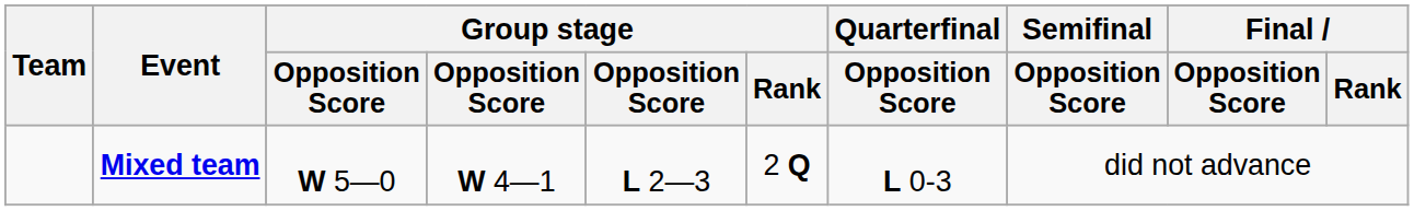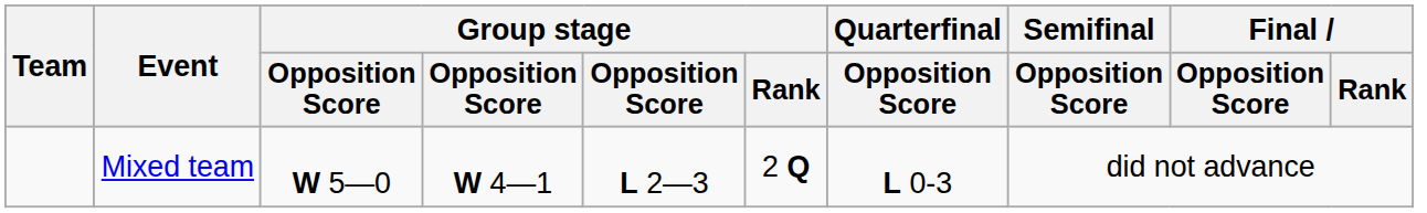 <table class=wikitable style=font-size:90%;text-align:center>
 <tr>
 <th rowspan=2>Team</th>
 <th rowspan=2>Event</th>
 <th colspan=4>Group stage</th>
 <th>Quarterfinal</th>
 <th>Semifinal</th>
 <th colspan=2>Final / </th>
 </tr>
 <tr style=font-size:95%>
 <th>Opposition<br>Score</th>
 <th>Opposition<br>Score</th>
 <th>Opposition<br>Score</th>
 <th>Rank</th>
 <th>Opposition<br>Score</th>
 <th>Opposition<br>Score</th>
 <th>Opposition<br>Score</th>
 <th>Rank</th>
 </tr>
 <tr>
 <td align=left></td>
-<td align=left><strong><a href='#'>Mixed team</a></strong></td>
+<td align=left><a href='#'>Mixed team</a></td>
 <td><br><strong>W</strong> 5―0</td>
 <td><br><strong>W</strong> 4―1</td>
 <td><br><strong>L</strong> 2―3</td>
 <td>2 <strong>Q</strong></td>
 <td><br><strong>L</strong> 0-3</td>
 <td colspan=3>did not advance</td>
 </tr>
 </table>
